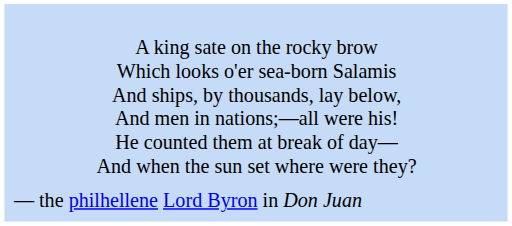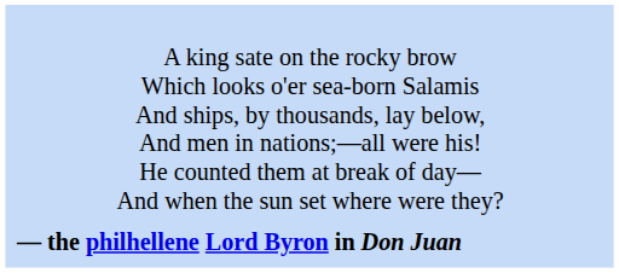 <table class="toccolours" style="float:right; margin-left:0; margin-right:1em; font-size:85%; background:#c6dbf7; color:black; width:25em; max-width:30%;" cellspacing="5">
 <tr>
 <td style="text-align: center;"><br>A king sate on the rocky brow<br> Which looks o'er sea-born Salamis<br> And ships, by thousands, lay below,<br> And men in nations;—all were his!<br> He counted them at break of day—<br> And when the sun set where were they?</td>
 </tr>
 <tr>
-<td style="text-align: left;">— the <a href='#'>philhellene</a> <a href='#'>Lord Byron</a> in <em>Don Juan</em><br></td>
+<td style="text-align: left;"><strong>— the <a href='#'>philhellene</a> <a href='#'>Lord Byron</a> in <em>Don Juan</em><br></strong></td>
 </tr>
 </table>
